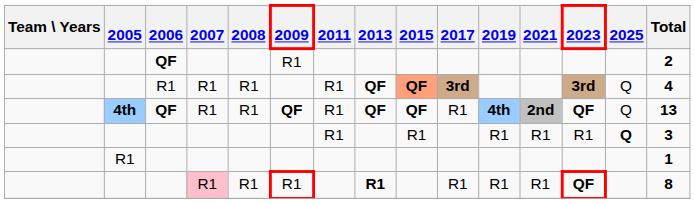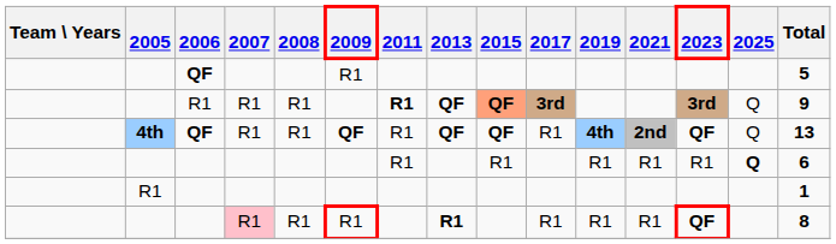 <table class="wikitable" style="text-align:center">
 <tr>
 <th>Team \ Years</th>
 <th><br><a href='#'>2005</a></th>
 <th><br><a href='#'>2006</a></th>
 <th><br><a href='#'>2007</a></th>
 <th><br><a href='#'>2008</a></th>
 <th style="border:3px solid red"><br><a href='#'>2009</a></th>
 <th><br><a href='#'>2011</a></th>
 <th><br><a href='#'>2013</a></th>
 <th><br><a href='#'>2015</a></th>
 <th><br><a href='#'>2017</a></th>
 <th><br><a href='#'>2019</a></th>
 <th><br><a href='#'>2021</a></th>
 <th style="border:3px solid red"><br><a href='#'>2023</a></th>
 <th><br><a href='#'>2025</a></th>
 <th>Total</th>
 </tr>
 <tr>
 <td align=left></td>
 <td></td>
 <td><strong>QF</strong></td>
 <td></td>
 <td></td>
 <td>R1</td>
 <td></td>
 <td></td>
 <td></td>
 <td></td>
 <td></td>
 <td></td>
 <td></td>
 <td></td>
-<td><strong>2</strong></td>
+<td><strong>5</strong></td>
 </tr>
 <tr>
 <td align=left></td>
 <td></td>
 <td>R1</td>
 <td>R1</td>
 <td>R1</td>
 <td></td>
-<td>R1</td>
+<td><strong>R1</strong></td>
 <td><strong>QF</strong></td>
 <td style="background: lightsalmon;"><strong>QF</strong></td>
 <td bgcolor=#cfaa88><strong>3rd</strong></td>
 <td></td>
 <td></td>
 <td bgcolor=#cfaa88><strong>3rd</strong></td>
 <td>Q</td>
-<td><strong>4</strong></td>
+<td><strong>9</strong></td>
 </tr>
 <tr>
 <td align=left></td>
 <td bgcolor=#9acdff><strong>4th</strong></td>
 <td><strong>QF</strong></td>
 <td>R1</td>
 <td>R1</td>
 <td><strong>QF</strong></td>
 <td>R1</td>
 <td><strong>QF</strong></td>
 <td><strong>QF</strong></td>
 <td>R1</td>
 <td bgcolor=#9acdff><strong>4th</strong></td>
 <td bgcolor=silver><strong>2nd</strong></td>
 <td><strong>QF</strong></td>
 <td>Q</td>
 <td><strong>13</strong></td>
 </tr>
 <tr>
 <td align=left></td>
 <td></td>
 <td></td>
 <td></td>
 <td></td>
 <td></td>
 <td>R1</td>
 <td></td>
 <td>R1</td>
 <td></td>
 <td>R1</td>
 <td>R1</td>
 <td>R1</td>
 <td><strong>Q</strong></td>
-<td><strong>3</strong></td>
+<td><strong>6</strong></td>
 </tr>
 <tr>
 <td align=left></td>
 <td>R1</td>
 <td></td>
 <td></td>
 <td></td>
 <td></td>
 <td></td>
 <td></td>
 <td></td>
 <td></td>
 <td></td>
 <td></td>
 <td></td>
 <td></td>
 <td><strong>1</strong></td>
 </tr>
 <tr>
 <td align=left></td>
 <td></td>
 <td></td>
 <td style="background: pink;">R1</td>
 <td>R1</td>
 <td style="border: 3px solid red">R1</td>
 <td></td>
 <td><strong>R1</strong></td>
 <td></td>
 <td>R1</td>
 <td>R1</td>
 <td>R1</td>
 <td style="border: 3px solid red"><strong>QF</strong></td>
 <td></td>
 <td><strong>8</strong></td>
 </tr>
 <tr>
 </tr>
 </table>
